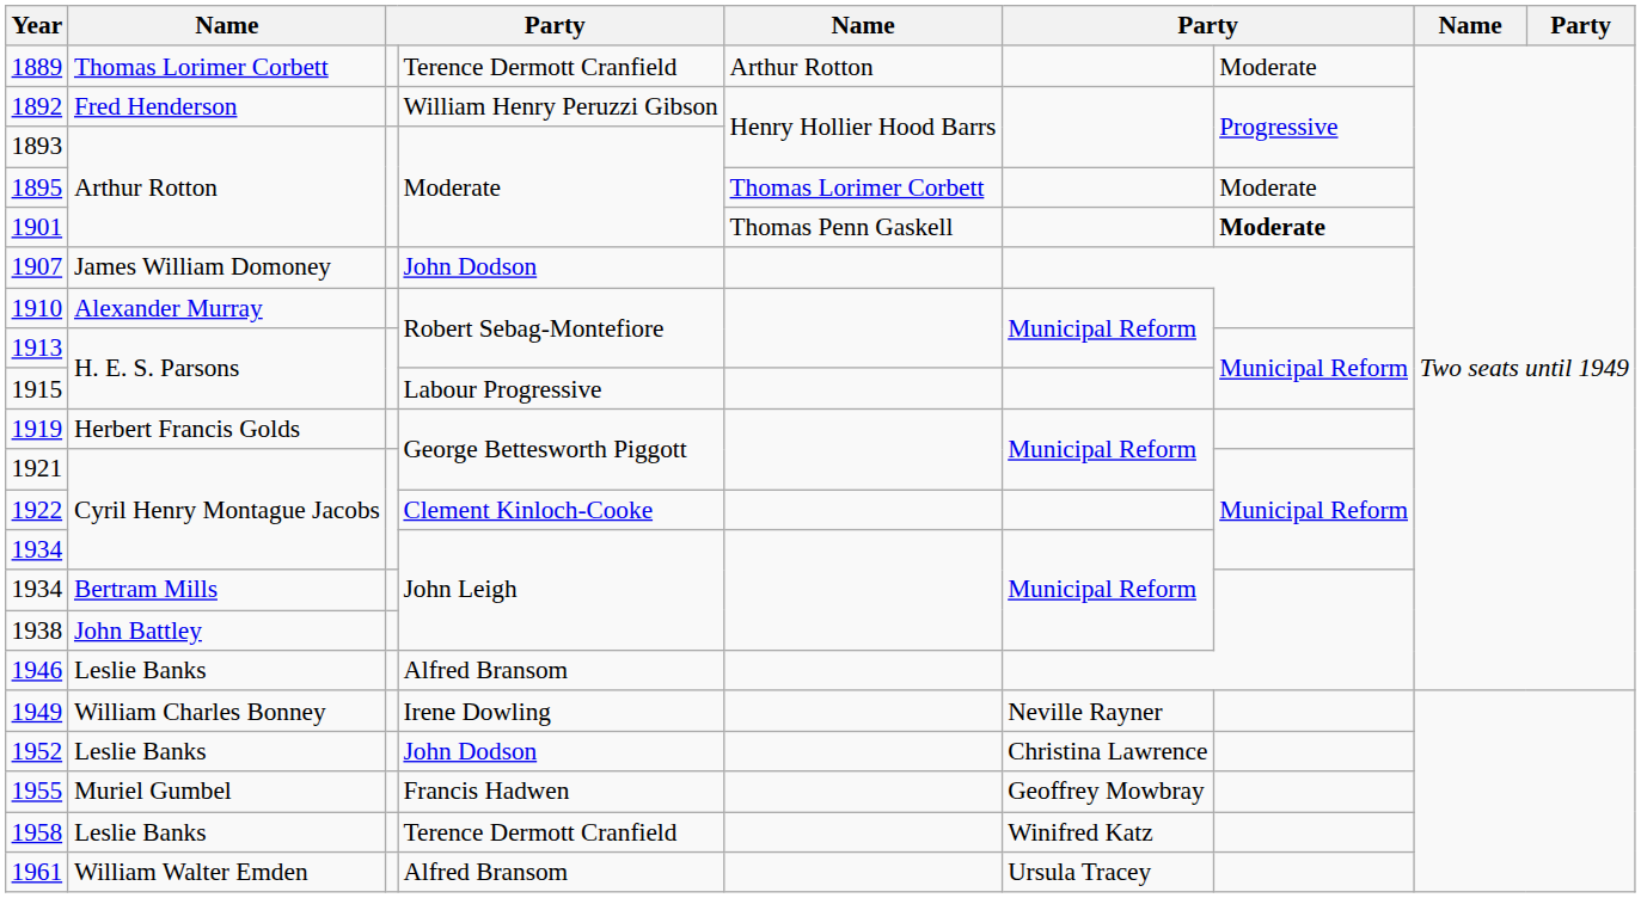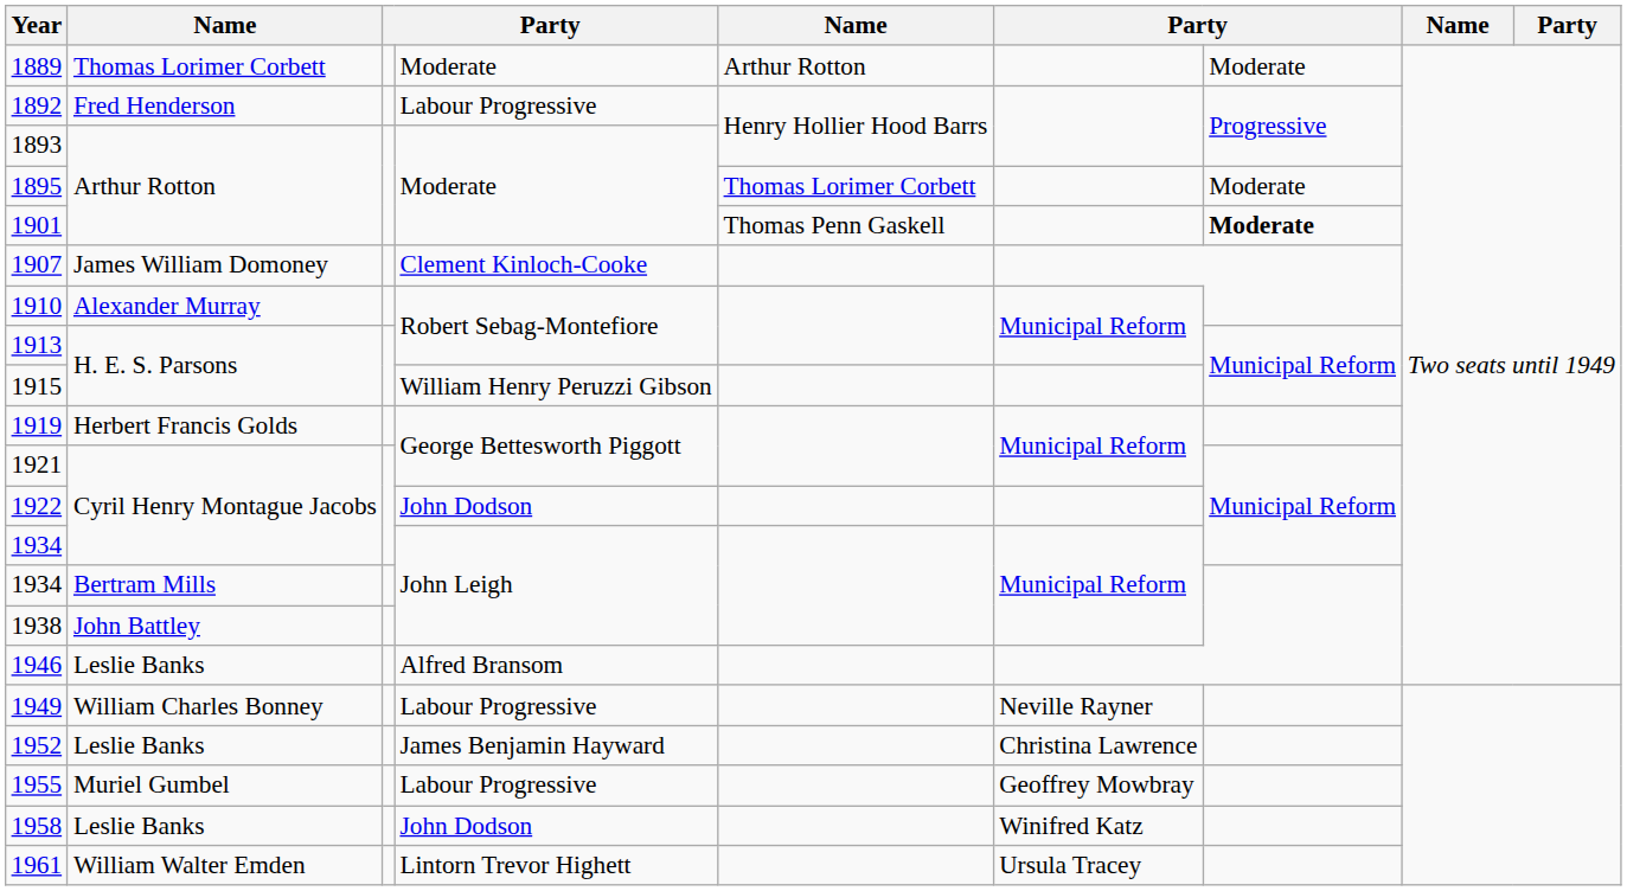 <table class="wikitable">
 <tr>
 <th>Year</th>
 <th>Name</th>
 <th colspan=2>Party</th>
 <th>Name</th>
 <th colspan=2>Party</th>
 <th>Name</th>
 <th colspan=2>Party</th>
 </tr>
 <tr>
 <td><a href='#'>1889</a></td>
 <td><a href='#'>Thomas Lorimer Corbett</a></td>
 <td style="background-color: "></td>
-<td>Terence Dermott Cranfield</td>
+<td>Moderate</td>
 <td>Arthur Rotton</td>
 <td style="background-color: "></td>
 <td>Moderate</td>
 <td rowspan=16 colspan=3 align="center"><em>Two seats until 1949</em></td>
 </tr>
 <tr>
 <td><a href='#'>1892</a></td>
 <td><a href='#'>Fred Henderson</a></td>
 <td style="background-color: "></td>
-<td>William Henry Peruzzi Gibson</td>
+<td>Labour Progressive</td>
 <td rowspan=2>Henry Hollier Hood Barrs</td>
 <td rowspan=2 style="background-color: "></td>
 <td rowspan=2><a href='#'>Progressive</a></td>
 </tr>
 <tr>
 <td>1893</td>
 <td rowspan=3>Arthur Rotton</td>
 <td rowspan=3 style="background-color: "></td>
 <td rowspan=3>Moderate</td>
 </tr>
 <tr>
 <td><a href='#'>1895</a></td>
 <td><a href='#'>Thomas Lorimer Corbett</a></td>
 <td style="background-color: "></td>
 <td>Moderate</td>
 </tr>
 <tr>
 <td><a href='#'>1901</a></td>
 <td>Thomas Penn Gaskell</td>
 <td style="background-color: "></td>
 <td><strong>Moderate</strong></td>
 </tr>
 <tr>
 <td><a href='#'>1907</a></td>
 <td>James William Domoney</td>
 <td></td>
-<td><a href='#'>John Dodson</a></td>
+<td><a href='#'>Clement Kinloch-Cooke</a></td>
 <td></td>
 </tr>
 <tr>
 <td><a href='#'>1910</a></td>
 <td><a href='#'>Alexander Murray</a></td>
 <td></td>
 <td rowspan=2>Robert Sebag-Montefiore</td>
 <td rowspan=2 style="background-color: "></td>
 <td rowspan=2><a href='#'>Municipal Reform</a></td>
 </tr>
 <tr>
 <td><a href='#'>1913</a></td>
 <td rowspan=2>H. E. S. Parsons</td>
 <td rowspan=2 style="background-color: "></td>
 <td rowspan=2><a href='#'>Municipal Reform</a></td>
 </tr>
 <tr>
 <td>1915</td>
-<td>Labour Progressive</td>
+<td>William Henry Peruzzi Gibson</td>
 <td></td>
 </tr>
 <tr>
 <td><a href='#'>1919</a></td>
 <td>Herbert Francis Golds</td>
 <td></td>
 <td rowspan=2>George Bettesworth Piggott</td>
 <td rowspan=2 style="background-color: "></td>
 <td rowspan=2><a href='#'>Municipal Reform</a></td>
 </tr>
 <tr>
 <td>1921</td>
 <td rowspan=3>Cyril Henry Montague Jacobs</td>
 <td rowspan=3 style="background-color: "></td>
 <td rowspan=3><a href='#'>Municipal Reform</a></td>
 </tr>
 <tr>
 <td><a href='#'>1922</a></td>
-<td><a href='#'>Clement Kinloch-Cooke</a></td>
+<td><a href='#'>John Dodson</a></td>
 <td></td>
 </tr>
 <tr>
 <td><a href='#'>1934</a></td>
 <td rowspan=3>John Leigh</td>
 <td rowspan=3 style="background-color: "></td>
 <td rowspan=3><a href='#'>Municipal Reform</a></td>
 </tr>
 <tr>
 <td>1934</td>
 <td><a href='#'>Bertram Mills</a></td>
 <td></td>
 </tr>
 <tr>
 <td>1938</td>
 <td><a href='#'>John Battley</a></td>
 <td></td>
 </tr>
 <tr>
 <td><a href='#'>1946</a></td>
 <td>Leslie Banks</td>
 <td></td>
 <td>Alfred Bransom</td>
 <td></td>
 </tr>
 <tr>
 <td><a href='#'>1949</a></td>
 <td>William Charles Bonney</td>
 <td></td>
-<td>Irene Dowling</td>
+<td>Labour Progressive</td>
 <td></td>
 <td>Neville Rayner</td>
 <td></td>
 </tr>
 <tr>
 <td><a href='#'>1952</a></td>
 <td>Leslie Banks</td>
 <td></td>
-<td><a href='#'>John Dodson</a></td>
+<td>James Benjamin Hayward</td>
 <td></td>
 <td>Christina Lawrence</td>
 <td></td>
 </tr>
 <tr>
 <td><a href='#'>1955</a></td>
 <td>Muriel Gumbel</td>
 <td></td>
-<td>Francis Hadwen</td>
+<td>Labour Progressive</td>
 <td></td>
 <td>Geoffrey Mowbray</td>
 <td></td>
 </tr>
 <tr>
 <td><a href='#'>1958</a></td>
 <td>Leslie Banks</td>
 <td></td>
-<td>Terence Dermott Cranfield</td>
+<td><a href='#'>John Dodson</a></td>
 <td></td>
 <td>Winifred Katz</td>
 <td></td>
 </tr>
 <tr>
 <td><a href='#'>1961</a></td>
 <td>William Walter Emden</td>
 <td></td>
-<td>Alfred Bransom</td>
+<td>Lintorn Trevor Highett</td>
 <td></td>
 <td>Ursula Tracey</td>
 <td></td>
 </tr>
 </table>
